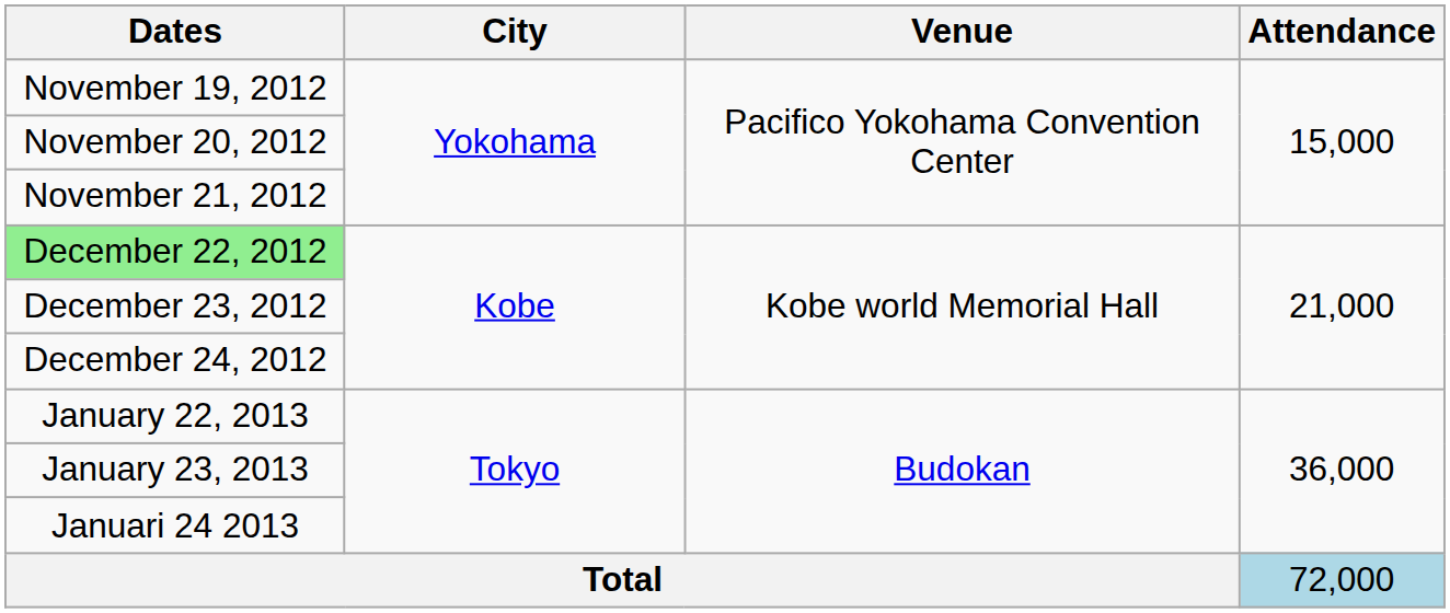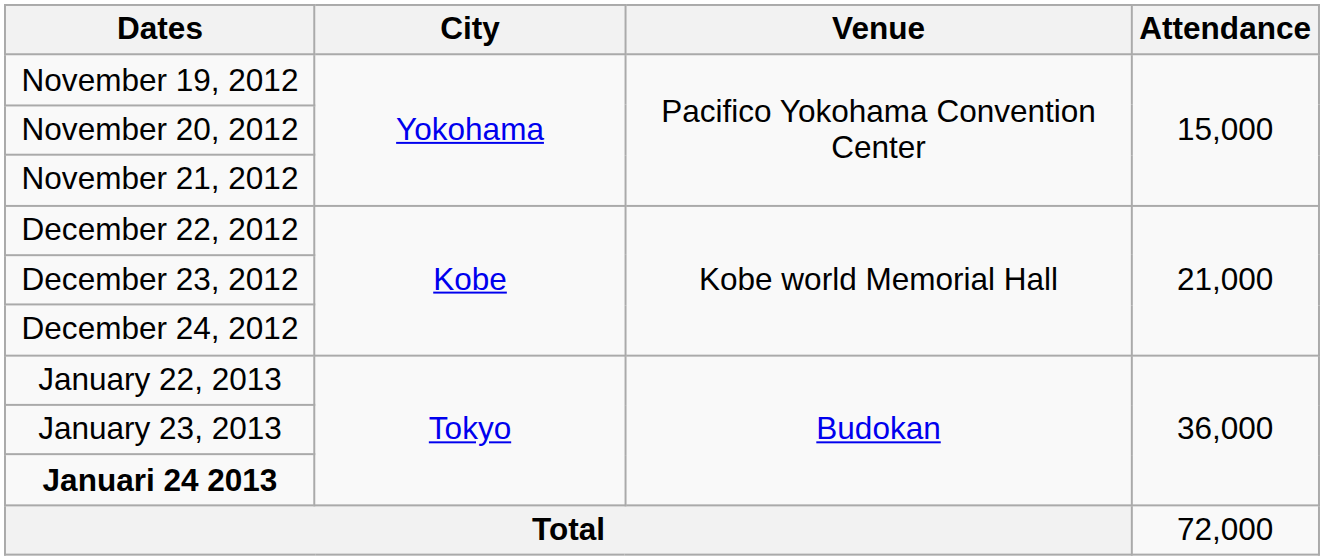 <table class="wikitable" style="text-align:center;">
 <tr>
 <th width="150">Dates</th>
 <th width="150">City</th>
 <th width="250">Venue</th>
 <th>Attendance</th>
 </tr>
 <tr>
 <td>November 19, 2012</td>
 <td rowspan="3"><a href='#'>Yokohama</a></td>
 <td rowspan="3">Pacifico Yokohama Convention Center</td>
 <td rowspan="3">15,000 </td>
 </tr>
 <tr>
 <td>November 20, 2012</td>
 </tr>
 <tr>
 <td>November 21, 2012</td>
 </tr>
 <tr>
-<td style="background: lightgreen;">December 22, 2012</td>
+<td>December 22, 2012</td>
 <td rowspan="3"><a href='#'>Kobe</a></td>
 <td rowspan="3">Kobe world Memorial Hall</td>
 <td rowspan="3">21,000</td>
 </tr>
 <tr>
 <td>December 23, 2012</td>
 </tr>
 <tr>
 <td>December 24, 2012</td>
 </tr>
 <tr>
 <td>January 22, 2013</td>
 <td rowspan="3"><a href='#'>Tokyo</a></td>
 <td rowspan="3"><a href='#'>Budokan</a></td>
 <td rowspan="3">36,000 </td>
 </tr>
 <tr>
 <td>January 23, 2013</td>
 </tr>
 <tr>
-<td>Januari 24 2013</td>
+<td><strong>Januari 24 2013</strong></td>
 </tr>
 <tr>
 <th colspan="3">Total</th>
-<td style="background: lightblue;">72,000</td>
+<td>72,000</td>
 </tr>
 </table>
